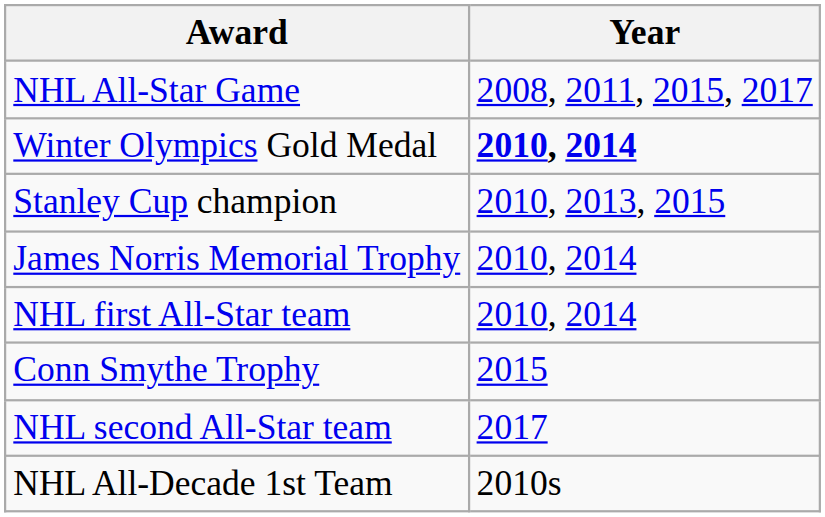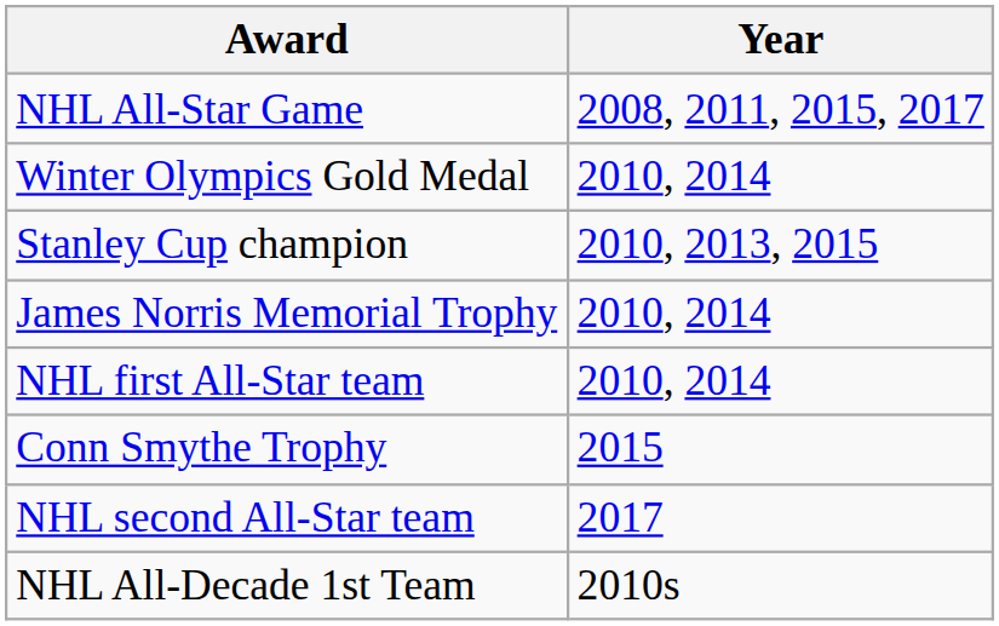 <table class="wikitable" border="1">
 <tr>
 <th>Award</th>
 <th>Year</th>
 </tr>
 <tr>
 <td><a href='#'>NHL All-Star Game</a></td>
 <td><a href='#'>2008</a>, <a href='#'>2011</a>, <a href='#'>2015</a>, <a href='#'>2017</a></td>
 </tr>
 <tr>
 <td><a href='#'>Winter Olympics</a> Gold Medal</td>
-<td><strong><a href='#'>2010</a>, <a href='#'>2014</a></strong></td>
+<td><a href='#'>2010</a>, <a href='#'>2014</a></td>
 </tr>
 <tr>
 <td><a href='#'>Stanley Cup</a> champion</td>
 <td><a href='#'>2010</a>, <a href='#'>2013</a>, <a href='#'>2015</a></td>
 </tr>
 <tr>
 <td><a href='#'>James Norris Memorial Trophy</a></td>
 <td><a href='#'>2010</a>, <a href='#'>2014</a></td>
 </tr>
 <tr>
 <td><a href='#'>NHL first All-Star team</a></td>
 <td><a href='#'>2010</a>, <a href='#'>2014</a></td>
 </tr>
 <tr>
 <td><a href='#'>Conn Smythe Trophy</a></td>
 <td><a href='#'>2015</a></td>
 </tr>
 <tr>
 <td><a href='#'>NHL second All-Star team</a></td>
 <td><a href='#'>2017</a></td>
 </tr>
 <tr>
 <td>NHL All-Decade 1st Team</td>
 <td>2010s</td>
 </tr>
 </table>
